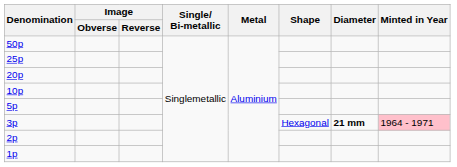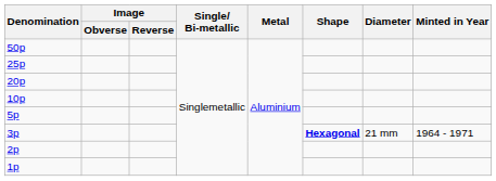 <table class="wikitable">
 <tr>
 <th rowspan="2">Denomination</th>
 <th colspan="2">Image</th>
 <th rowspan="2">Single/<br>Bi-metallic</th>
 <th rowspan="2">Metal</th>
 <th rowspan="2">Shape</th>
 <th rowspan="2">Diameter</th>
 <th rowspan="2">Minted in Year</th>
 </tr>
 <tr>
 <th>Obverse</th>
 <th>Reverse</th>
 </tr>
 <tr>
 <td><a href='#'>50p</a></td>
 <td></td>
 <td></td>
 <td rowspan="8">Singlemetallic</td>
 <td rowspan="8" ><a href='#'>Aluminium</a></td>
 <td></td>
 <td></td>
 <td></td>
 </tr>
 <tr>
 <td><a href='#'>25p</a></td>
 <td></td>
 <td></td>
 <td></td>
 <td></td>
 <td></td>
 </tr>
 <tr>
 <td><a href='#'>20p</a></td>
 <td></td>
 <td></td>
 <td></td>
 <td></td>
 <td></td>
 </tr>
 <tr>
 <td><a href='#'>10p</a></td>
 <td></td>
 <td></td>
 <td></td>
 <td></td>
 <td></td>
 </tr>
 <tr>
 <td><a href='#'>5p</a></td>
 <td></td>
 <td></td>
 <td></td>
 <td></td>
 <td></td>
 </tr>
 <tr>
 <td><a href='#'>3p</a></td>
 <td></td>
 <td></td>
-<td><a href='#'>Hexagonal</a></td>
-<td><strong>21 mm</strong></td>
-<td style="background: pink;">1964 - 1971</td>
+<td><strong><a href='#'>Hexagonal</a></strong></td>
+<td>21 mm</td>
+<td>1964 - 1971</td>
 </tr>
 <tr>
 <td><a href='#'>2p</a></td>
 <td></td>
 <td></td>
 <td></td>
 <td></td>
 <td></td>
 </tr>
 <tr>
 <td><a href='#'>1p</a></td>
 <td></td>
 <td></td>
 <td></td>
 <td></td>
 <td></td>
 </tr>
 </table>
